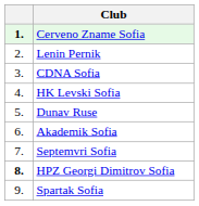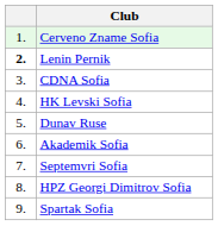 <table class="wikitable">
 <tr>
 <th width="30"></th>
 <th width="200">Club</th>
 </tr>
 <tr bgcolor="#e6fae6" align="center">
-<td><strong>1.</strong></td>
+<td>1.</td>
 <td align="left"><a href='#'>Cerveno Zname Sofia</a></td>
 </tr>
 <tr bgcolor="#FFFFFF" align="center">
-<td>2.</td>
+<td><strong>2.</strong></td>
 <td align="left"><a href='#'>Lenin Pernik</a></td>
 </tr>
 <tr bgcolor="#FFFFFF" align="center">
 <td>3.</td>
 <td align="left"><a href='#'>CDNA Sofia</a></td>
 </tr>
 <tr bgcolor="#FFFFFF" align="center">
 <td>4.</td>
 <td align="left"><a href='#'>HK Levski Sofia</a></td>
 </tr>
 <tr bgcolor="#FFFFFF" align="center">
 <td>5.</td>
 <td align="left"><a href='#'>Dunav Ruse</a></td>
 </tr>
 <tr bgcolor="#FFFFFF" align="center">
 <td>6.</td>
 <td align="left"><a href='#'>Akademik Sofia</a></td>
 </tr>
 <tr bgcolor="#FFFFFF" align="center">
 <td>7.</td>
 <td align="left"><a href='#'>Septemvri Sofia</a></td>
 </tr>
 <tr bgcolor="#FFFFFF" align="center">
-<td><strong>8.</strong></td>
+<td>8.</td>
 <td align="left"><a href='#'>HPZ Georgi Dimitrov Sofia</a></td>
 </tr>
 <tr bgcolor="#FFFFFF" align="center">
 <td>9.</td>
 <td align="left"><a href='#'>Spartak Sofia</a></td>
 </tr>
 </table>
